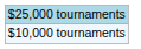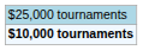 <table class="wikitable" style="font-size:85%;">
 <tr bgcolor=lightblue>
 <td>$25,000 tournaments</td>
 </tr>
 <tr bgcolor="#f0f8ff">
-<td>$10,000 tournaments</td>
+<td><strong>$10,000 tournaments</strong></td>
 </tr>
 </table>
